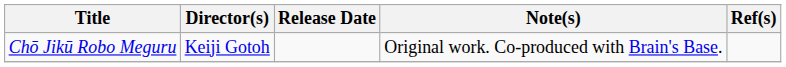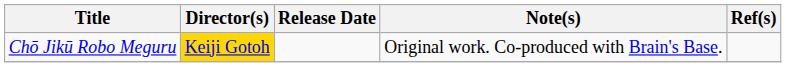 <table class="wikitable sortable">
 <tr>
 <th scope="col">Title</th>
 <th scope="col">Director(s)</th>
 <th scope="col">Release Date</th>
 <th scope="col" class="unsortable">Note(s)</th>
 <th scope="col" class="unsortable">Ref(s)</th>
 </tr>
 <tr>
 <td><em><a href='#'>Chō Jikū Robo Meguru</a></em></td>
-<td><a href='#'>Keiji Gotoh</a></td>
+<td style="background: gold;"><a href='#'>Keiji Gotoh</a></td>
 <td></td>
 <td>Original work. Co-produced with <a href='#'>Brain's Base</a>.</td>
 <td style="text-align:center"></td>
 </tr>
 <tr>
 </tr>
 </table>
